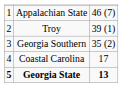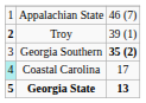 <table class="wikitable" style="display: inline-table;">
 <tr align="center">
 </tr>
 <tr align="center">
 <td>1</td>
 <td>Appalachian State</td>
 <td>46 (7)</td>
 </tr>
 <tr align="center">
-<td>2</td>
+<td><strong>2</strong></td>
 <td>Troy</td>
 <td>39 (1)</td>
 </tr>
 <tr align="center">
 <td>3</td>
 <td>Georgia Southern</td>
-<td>35 (2)</td>
+<td><strong>35 (2)</strong></td>
 </tr>
 <tr align="center">
-<td>4</td>
+<td style="background: paleturquoise;">4</td>
 <td>Coastal Carolina</td>
 <td>17</td>
 </tr>
 <tr align="center">
 <td><strong>5</strong></td>
 <td><strong>Georgia State</strong></td>
 <td><strong>13</strong></td>
 </tr>
 </table>
